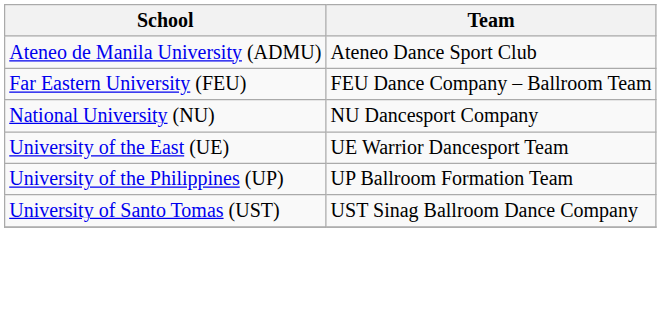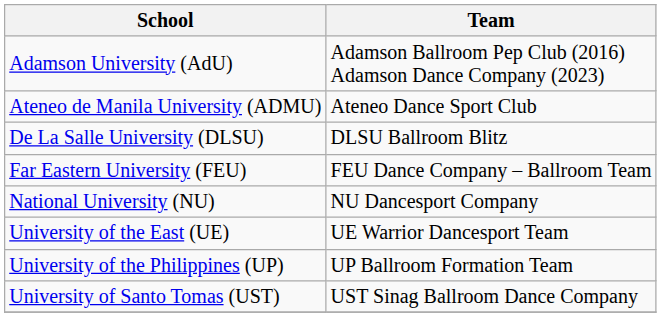 <table class="wikitable" style="text align: center">
 <tr>
 <th>School</th>
 <th>Team</th>
 </tr>
 <tr>
+<td> <a href='#'>Adamson University</a> (AdU)</td>
+<td>Adamson Ballroom Pep Club (2016)<br>Adamson Dance Company (2023)</td>
+</tr>
+<tr>
 <td> <a href='#'>Ateneo de Manila University</a> (ADMU)</td>
 <td>Ateneo Dance Sport Club </td>
+</tr>
+<tr>
+<td> <a href='#'>De La Salle University</a> (DLSU)</td>
+<td>DLSU Ballroom Blitz</td>
 </tr>
 <tr>
 <td> <a href='#'>Far Eastern University</a> (FEU)</td>
 <td>FEU Dance Company – Ballroom Team</td>
 </tr>
 <tr>
 <td> <a href='#'>National University</a> (NU)</td>
 <td>NU Dancesport Company </td>
 </tr>
 <tr>
 <td> <a href='#'>University of the East</a> (UE)</td>
 <td>UE Warrior Dancesport Team</td>
 </tr>
 <tr>
 <td> <a href='#'>University of the Philippines</a> (UP)</td>
 <td>UP Ballroom Formation Team</td>
 </tr>
 <tr>
 <td> <a href='#'>University of Santo Tomas</a> (UST)</td>
 <td>UST Sinag Ballroom Dance Company</td>
 </tr>
 <tr>
 </tr>
 </table>
